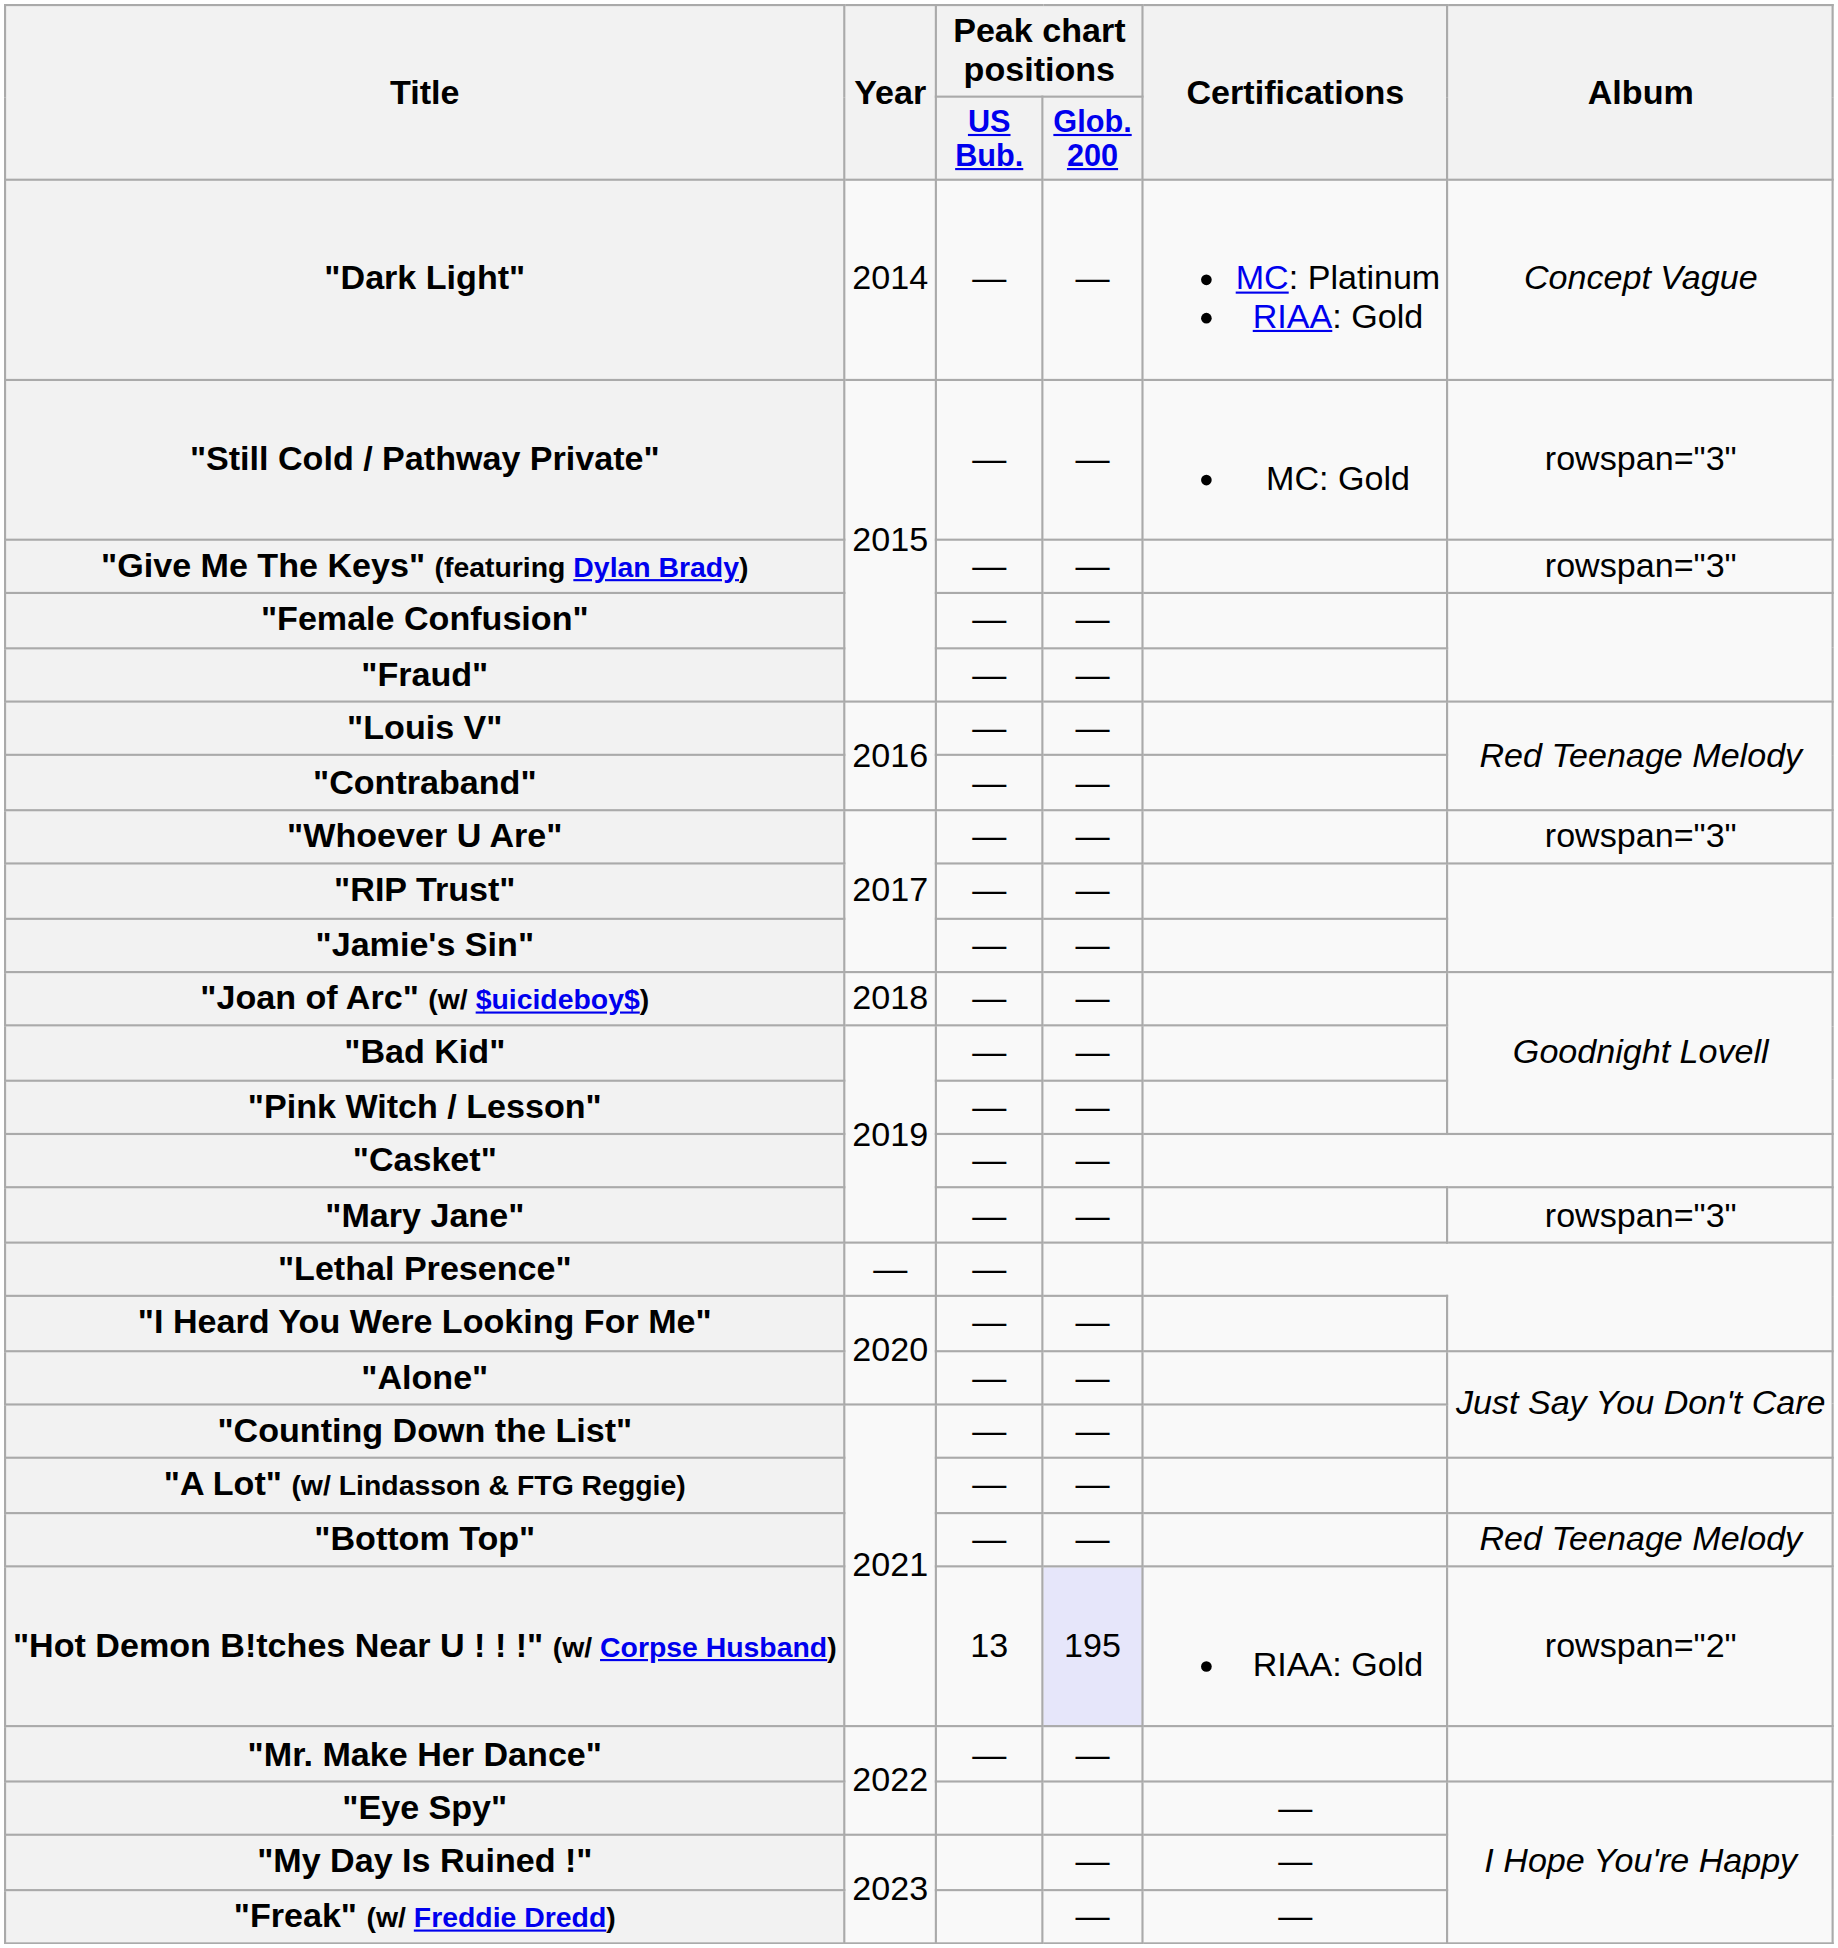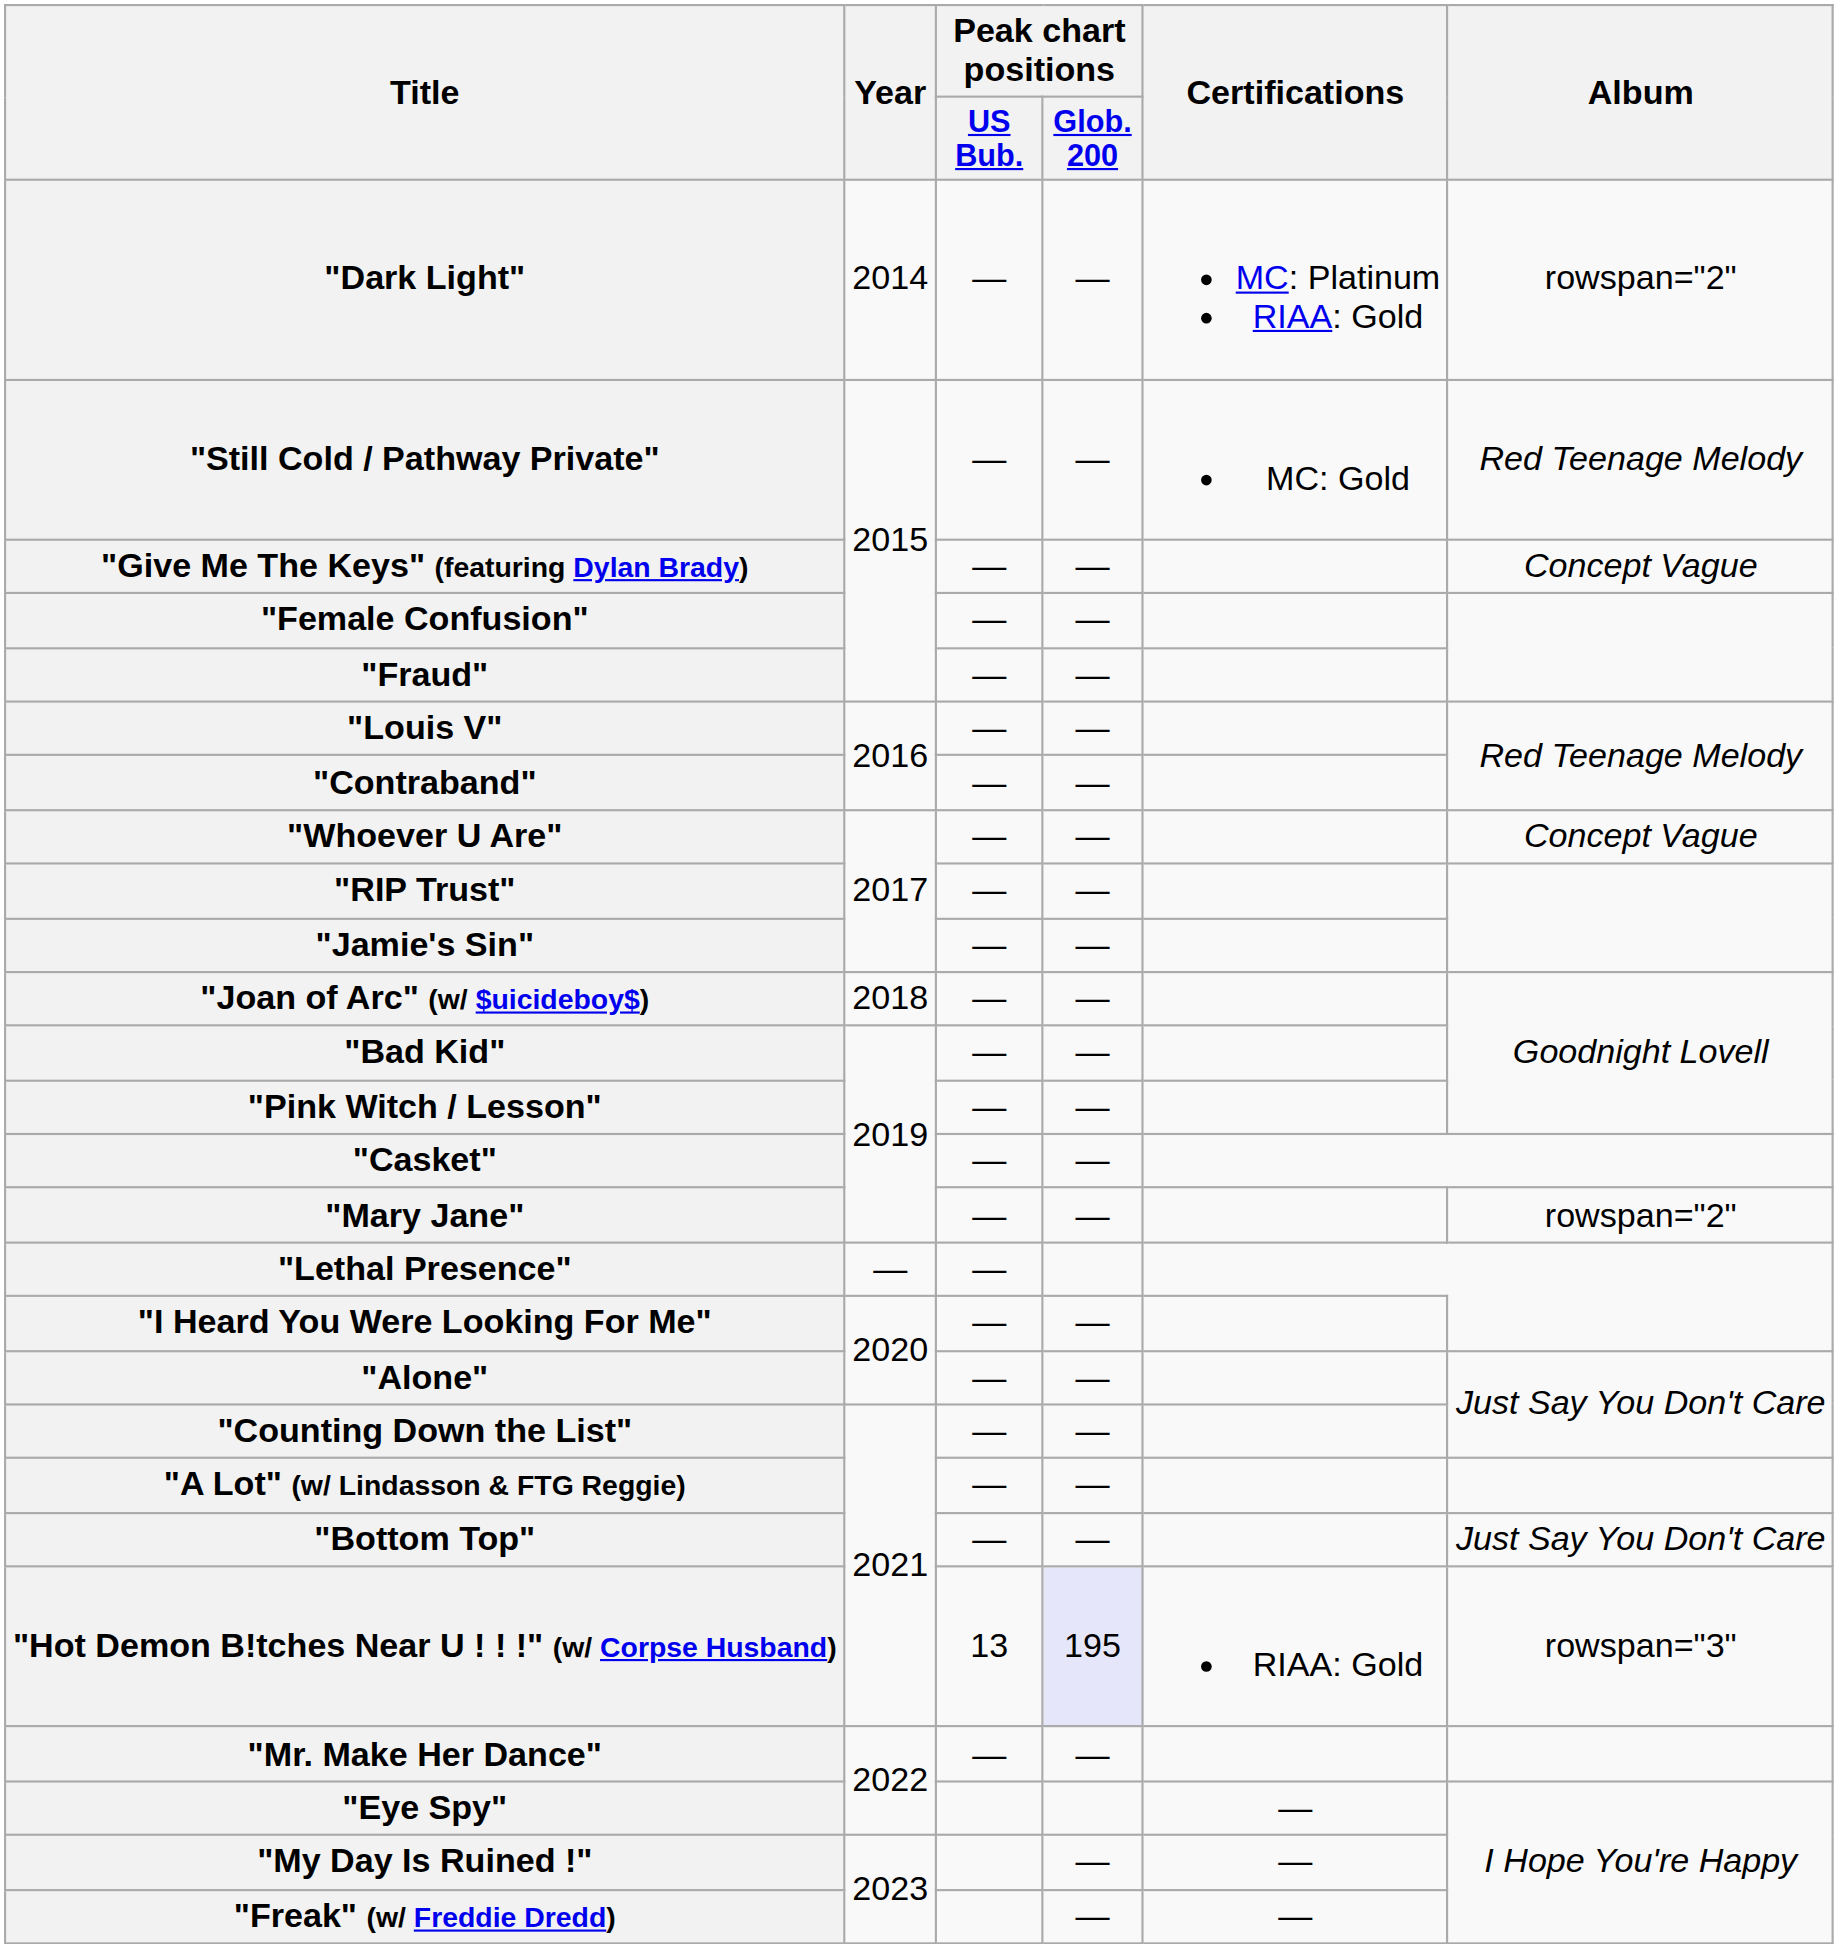 <table class="wikitable plainrowheaders" style="text-align:center;">
 <tr>
 <th scope="col" rowspan="2">Title</th>
 <th scope="col" rowspan="2">Year</th>
 <th scope="col" colspan="2">Peak chart positions</th>
 <th rowspan="2">Certifications</th>
 <th rowspan="2" scope="col">Album</th>
 </tr>
 <tr>
 <th scope="col" style="width:3em;font-size:90%;"><a href='#'>US<br>Bub.</a><br></th>
 <th scope="col" style="width:2.8em;font-size:90%;"><a href='#'>Glob.<br>200</a><br></th>
 </tr>
 <tr>
 <th scope="row">"Dark Light"</th>
 <td>2014</td>
 <td>—</td>
 <td>—</td>
 <td><br><ul><li><a href='#'>MC</a>: Platinum</li><li><a href='#'>RIAA</a>: Gold</li></ul></td>
-<td><em>Concept Vague</em></td>
+<td>rowspan="2"</td>
 </tr>
 <tr>
 <th scope="row">"Still Cold / Pathway Private"</th>
 <td rowspan="4">2015</td>
 <td>—</td>
 <td>—</td>
 <td><br><ul><li>MC: Gold</li></ul></td>
-<td>rowspan="3"</td>
+<td><em>Red Teenage Melody</em></td>
 </tr>
 <tr>
 <th scope="row">"Give Me The Keys" <small>(featuring <a href='#'>Dylan Brady</a>)</small></th>
 <td>—</td>
 <td>—</td>
 <td></td>
-<td>rowspan="3"</td>
+<td><em>Concept Vague</em></td>
 </tr>
 <tr>
 <th scope="row">"Female Confusion"</th>
 <td>—</td>
 <td>—</td>
 <td></td>
 </tr>
 <tr>
 <th scope="row">"Fraud"</th>
 <td>—</td>
 <td>—</td>
 <td></td>
 </tr>
 <tr>
 <th scope="row">"Louis V"</th>
 <td rowspan="2">2016</td>
 <td>—</td>
 <td>—</td>
 <td></td>
 <td rowspan="2"><em>Red Teenage Melody</em></td>
 </tr>
 <tr>
 <th scope="row">"Contraband"</th>
 <td>—</td>
 <td>—</td>
 <td></td>
 </tr>
 <tr>
 <th scope="row">"Whoever U Are"</th>
 <td rowspan="3">2017</td>
 <td>—</td>
 <td>—</td>
 <td></td>
-<td>rowspan="3"</td>
+<td><em>Concept Vague</em></td>
 </tr>
 <tr>
 <th scope="row">"RIP Trust"</th>
 <td>—</td>
 <td>—</td>
 <td></td>
 </tr>
 <tr>
 <th scope="row">"Jamie's Sin"</th>
 <td>—</td>
 <td>—</td>
 <td></td>
 </tr>
 <tr>
 <th scope="row">"Joan of Arc" <small>(w/ <a href='#'>$uicideboy$</a>)</small></th>
 <td>2018</td>
 <td>—</td>
 <td>—</td>
 <td></td>
 <td rowspan="3"><em>Goodnight Lovell</em></td>
 </tr>
 <tr>
 <th scope="row">"Bad Kid"</th>
 <td rowspan="4">2019</td>
 <td>—</td>
 <td>—</td>
 <td></td>
 </tr>
 <tr>
 <th scope="row">"Pink Witch / Lesson"</th>
 <td>—</td>
 <td>—</td>
 <td></td>
 </tr>
 <tr>
 <th scope="row">"Casket"</th>
 <td>—</td>
 <td>—</td>
 </tr>
 <tr>
 <th scope="row">"Mary Jane"</th>
 <td>—</td>
 <td>—</td>
 <td></td>
-<td>rowspan="3"</td>
+<td>rowspan="2"</td>
 </tr>
 <tr>
 <th scope="row">"Lethal Presence"</th>
 <td>—</td>
 <td>—</td>
 <td></td>
 </tr>
 <tr>
 <th scope="row">"I Heard You Were Looking For Me"</th>
 <td rowspan="2">2020</td>
 <td>—</td>
 <td>—</td>
 <td></td>
 </tr>
 <tr>
 <th scope="row">"Alone"</th>
 <td>—</td>
 <td>—</td>
 <td></td>
 <td rowspan="2"><em>Just Say You Don't Care</em></td>
 </tr>
 <tr>
 <th scope="row">"Counting Down the List"</th>
 <td rowspan="4">2021</td>
 <td>—</td>
 <td>—</td>
 <td></td>
 </tr>
 <tr>
 <th scope="row">"A Lot" <small>(w/ Lindasson & FTG Reggie)</small></th>
 <td>—</td>
 <td>—</td>
 <td></td>
 <td></td>
 </tr>
 <tr>
 <th scope="row">"Bottom Top"</th>
 <td>—</td>
 <td>—</td>
 <td></td>
-<td><em>Red Teenage Melody</em></td>
+<td><em>Just Say You Don't Care</em></td>
 </tr>
 <tr>
 <th scope="row">"Hot Demon B!tches Near U ! ! !" <small>(w/ <a href='#'>Corpse Husband</a>)</small></th>
 <td>13</td>
 <td style="background: lavender;">195</td>
 <td><br><ul><li>RIAA: Gold</li></ul></td>
-<td>rowspan="2"</td>
+<td>rowspan="3"</td>
 </tr>
 <tr>
 <th scope="row">"Mr. Make Her Dance"</th>
 <td rowspan="2">2022</td>
 <td>—</td>
 <td>—</td>
 <td></td>
 </tr>
 <tr>
 <th scope="row">"Eye Spy"</th>
 <td></td>
 <td></td>
 <td>—</td>
 <td rowspan="3"><em>I Hope You're Happy</em></td>
 </tr>
 <tr>
 <th scope="row">"My Day Is Ruined !"</th>
 <td rowspan="2">2023</td>
 <td></td>
 <td>—</td>
 <td>—</td>
 </tr>
 <tr>
 <th scope="row">"Freak" <small>(w/ <a href='#'>Freddie Dredd</a>)</small></th>
 <td></td>
 <td>—</td>
 <td>—</td>
 </tr>
 </table>
